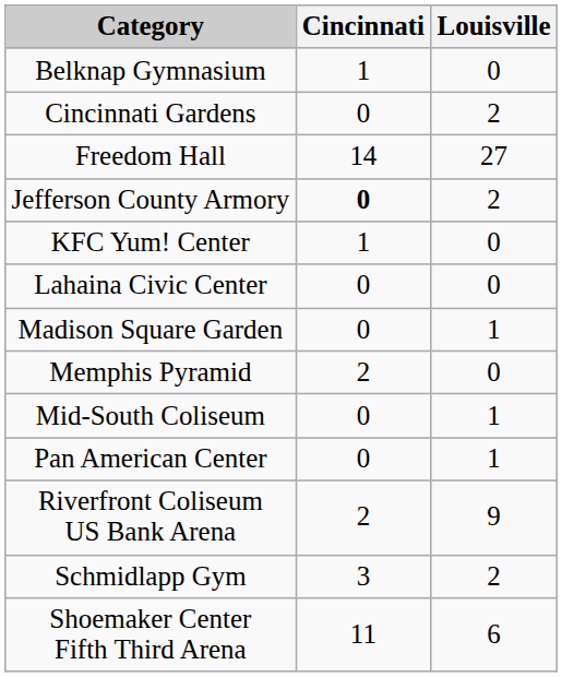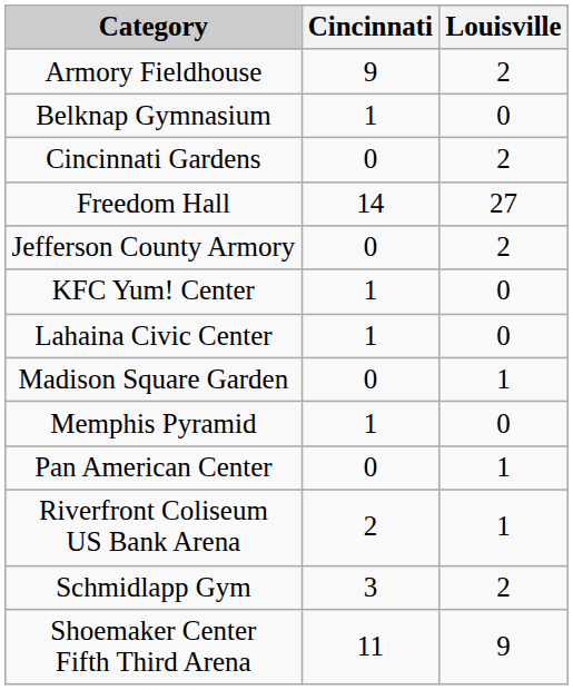 <table class="wikitable">
 <tr>
 <th style="background:#CCCCCC; text-align:center"><strong>Category</strong></th>
 <th><strong>Cincinnati</strong></th>
 <th><strong>Louisville</strong></th>
+</tr>
+<tr>
+<td align=center>Armory Fieldhouse</td>
+<td align=center>9</td>
+<td align=center>2</td>
 </tr>
 <tr>
 <td align=center>Belknap Gymnasium</td>
 <td align=center>1</td>
 <td align=center>0</td>
 </tr>
 <tr>
 <td align=center>Cincinnati Gardens</td>
 <td align=center>0</td>
 <td align=center>2</td>
 </tr>
 <tr>
 <td align=center>Freedom Hall</td>
 <td align=center>14</td>
 <td align=center>27</td>
 </tr>
 <tr>
 <td align=center>Jefferson County Armory</td>
-<td align=center><strong>0</strong></td>
+<td align=center>0</td>
 <td align=center>2</td>
 </tr>
 <tr>
 <td align=center>KFC Yum! Center</td>
 <td align=center>1</td>
 <td align=center>0</td>
 </tr>
 <tr>
 <td align=center>Lahaina Civic Center</td>
-<td align=center>0</td>
+<td align=center>1</td>
 <td align=center>0</td>
 </tr>
 <tr>
 <td align=center>Madison Square Garden</td>
 <td align=center>0</td>
 <td align=center>1</td>
 </tr>
 <tr>
 <td align=center>Memphis Pyramid</td>
-<td align=center>2</td>
+<td align=center>1</td>
 <td align=center>0</td>
-</tr>
-<tr>
-<td align=center>Mid-South Coliseum</td>
-<td align=center>0</td>
-<td align=center>1</td>
 </tr>
 <tr>
 <td align=center>Pan American Center</td>
 <td align=center>0</td>
 <td align=center>1</td>
 </tr>
 <tr>
 <td align=center>Riverfront Coliseum<br>US Bank Arena</td>
 <td align=center>2</td>
-<td align=center>9</td>
+<td align=center>1</td>
 </tr>
 <tr>
 <td align=center>Schmidlapp Gym</td>
 <td align=center>3</td>
 <td align=center>2</td>
 </tr>
 <tr>
 <td align=center>Shoemaker Center<br>Fifth Third Arena</td>
 <td align=center>11</td>
-<td align=center>6</td>
+<td align=center>9</td>
 </tr>
 </table>
